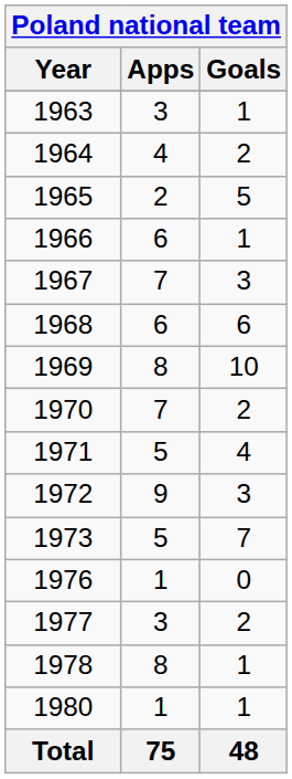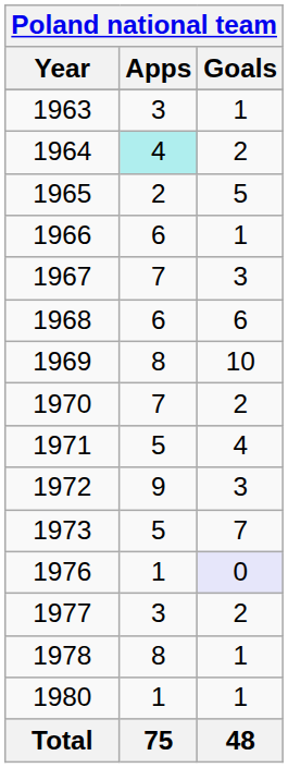 <table class="wikitable" style="text-align:center">
 <tr>
 <th colspan=3><a href='#'>Poland national team</a></th>
 </tr>
 <tr>
 <th>Year</th>
 <th width="40">Apps</th>
 <th width="40">Goals</th>
 </tr>
 <tr>
 </tr>
 <tr>
 <td>1963</td>
 <td>3</td>
 <td>1</td>
 </tr>
 <tr>
 <td>1964</td>
-<td>4</td>
+<td style="background: paleturquoise;">4</td>
 <td>2</td>
 </tr>
 <tr>
 <td>1965</td>
 <td>2</td>
 <td>5</td>
 </tr>
 <tr>
 <td>1966</td>
 <td>6</td>
 <td>1</td>
 </tr>
 <tr>
 <td>1967</td>
 <td>7</td>
 <td>3</td>
 </tr>
 <tr>
 <td>1968</td>
 <td>6</td>
 <td>6</td>
 </tr>
 <tr>
 <td>1969</td>
 <td>8</td>
 <td>10</td>
 </tr>
 <tr>
 <td>1970</td>
 <td>7</td>
 <td>2</td>
 </tr>
 <tr>
 <td>1971</td>
 <td>5</td>
 <td>4</td>
 </tr>
 <tr>
 <td>1972</td>
 <td>9</td>
 <td>3</td>
 </tr>
 <tr>
 <td>1973</td>
 <td>5</td>
 <td>7</td>
 </tr>
 <tr>
 <td>1976</td>
 <td>1</td>
-<td>0</td>
+<td style="background: lavender;">0</td>
 </tr>
 <tr>
 <td>1977</td>
 <td>3</td>
 <td>2</td>
 </tr>
 <tr>
 <td>1978</td>
 <td>8</td>
 <td>1</td>
 </tr>
 <tr>
 <td>1980</td>
 <td>1</td>
 <td>1</td>
 </tr>
 <tr>
 <th>Total</th>
 <th>75</th>
 <th>48</th>
 </tr>
 </table>
